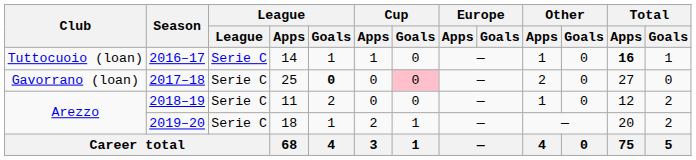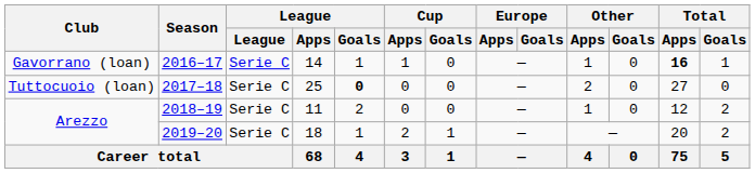 <table class="wikitable" style="text-align: center;">
 <tr>
 <th rowspan="2">Club</th>
 <th rowspan="2">Season</th>
 <th colspan="3">League</th>
 <th colspan="2">Cup</th>
 <th colspan="2">Europe</th>
 <th colspan="2">Other</th>
 <th colspan="2">Total</th>
 </tr>
 <tr>
 <th>League</th>
 <th>Apps</th>
 <th>Goals</th>
 <th>Apps</th>
 <th>Goals</th>
 <th>Apps</th>
 <th>Goals</th>
 <th>Apps</th>
 <th>Goals</th>
 <th>Apps</th>
 <th>Goals</th>
 </tr>
 <tr>
-<td><a href='#'>Tuttocuoio</a> (loan)</td>
+<td><a href='#'>Gavorrano</a> (loan)</td>
 <td><a href='#'>2016–17</a></td>
 <td><a href='#'>Serie C</a></td>
 <td>14</td>
 <td>1</td>
 <td>1</td>
 <td>0</td>
 <td colspan="2">—</td>
 <td>1</td>
 <td>0</td>
 <td><strong>16</strong></td>
 <td>1</td>
 </tr>
 <tr>
-<td><a href='#'>Gavorrano</a> (loan)</td>
+<td><a href='#'>Tuttocuoio</a> (loan)</td>
 <td><a href='#'>2017–18</a></td>
 <td>Serie C</td>
 <td>25</td>
 <td><strong>0</strong></td>
 <td>0</td>
-<td style="background: pink;">0</td>
+<td>0</td>
 <td colspan="2">—</td>
 <td>2</td>
 <td>0</td>
 <td>27</td>
 <td>0</td>
 </tr>
 <tr>
 <td rowspan="2"><a href='#'>Arezzo</a></td>
 <td><a href='#'>2018–19</a></td>
 <td>Serie C</td>
 <td>11</td>
 <td>2</td>
 <td>0</td>
 <td>0</td>
 <td colspan="2">—</td>
 <td>1</td>
 <td>0</td>
 <td>12</td>
 <td>2</td>
 </tr>
 <tr>
 <td><a href='#'>2019–20</a></td>
 <td>Serie C</td>
 <td>18</td>
 <td>1</td>
 <td>2</td>
 <td>1</td>
 <td colspan="2">—</td>
 <td colspan="2">—</td>
 <td>20</td>
 <td>2</td>
 </tr>
 <tr>
 <th colspan="3">Career total</th>
 <th>68</th>
 <th>4</th>
 <th>3</th>
 <th>1</th>
 <th colspan="2">—</th>
 <th>4</th>
 <th>0</th>
 <th>75</th>
 <th>5</th>
 </tr>
 </table>
